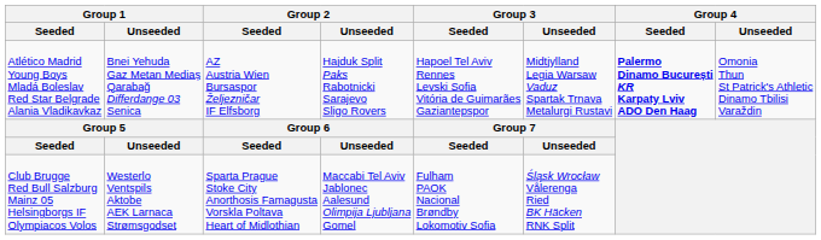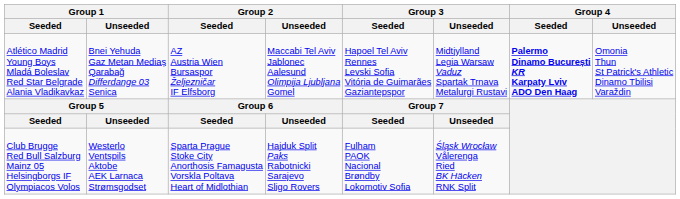 <table class="wikitable" style="font-size:85%;">
 <tr>
 <th colspan=2>Group 1</th>
 <th colspan=2>Group 2</th>
 <th colspan=2>Group 3</th>
 <th colspan=2>Group 4</th>
 </tr>
 <tr>
 <th>Seeded</th>
 <th>Unseeded</th>
 <th>Seeded</th>
 <th>Unseeded</th>
 <th>Seeded</th>
 <th>Unseeded</th>
 <th>Seeded</th>
 <th>Unseeded</th>
 </tr>
 <tr>
 <td valign=top><br> <a href='#'>Atlético Madrid</a><br>  <a href='#'>Young Boys</a><br>  <a href='#'>Mladá Boleslav</a><br>  <a href='#'>Red Star Belgrade</a><br>  <a href='#'>Alania Vladikavkaz</a></td>
 <td valign=top><br> <a href='#'>Bnei Yehuda</a><br>  <a href='#'>Gaz Metan Mediaș</a><br>  <a href='#'>Qarabağ</a><br>  <em><a href='#'>Differdange 03</a></em><br>  <a href='#'>Senica</a></td>
 <td valign=top><br> <a href='#'>AZ</a><br>  <a href='#'>Austria Wien</a><br>  <a href='#'>Bursaspor</a><br>  <em><a href='#'>Željezničar</a></em><br>  <a href='#'>IF Elfsborg</a></td>
-<td valign=top><br> <a href='#'>Hajduk Split</a><br>  <em><a href='#'>Paks</a></em><br>  <a href='#'>Rabotnicki</a><br>  <a href='#'>Sarajevo</a><br>  <a href='#'>Sligo Rovers</a></td>
+<td valign=top><br> <a href='#'>Maccabi Tel Aviv</a><br>  <a href='#'>Jablonec</a><br>  <a href='#'>Aalesund</a><br>  <em><a href='#'>Olimpija Ljubljana</a></em><br>  <a href='#'>Gomel</a></td>
 <td valign=top><br> <a href='#'>Hapoel Tel Aviv</a><br>  <a href='#'>Rennes</a><br>  <a href='#'>Levski Sofia</a><br>  <a href='#'>Vitória de Guimarães</a><br>  <a href='#'>Gaziantepspor</a><br></td>
 <td valign=top><br> <a href='#'>Midtjylland</a><br>  <a href='#'>Legia Warsaw</a><br>  <em><a href='#'>Vaduz</a></em><br>  <a href='#'>Spartak Trnava</a><br>  <a href='#'>Metalurgi Rustavi</a></td>
 <td valign=top><strong><br> <a href='#'>Palermo</a><br>  <a href='#'>Dinamo București</a><br>  <em><a href='#'>KR</a></em><br>  <a href='#'>Karpaty Lviv</a><br>  <a href='#'>ADO Den Haag</a></strong></td>
 <td valign=top><br> <a href='#'>Omonia</a><br>  <a href='#'>Thun</a><br>  <a href='#'>St Patrick's Athletic</a><br>  <a href='#'>Dinamo Tbilisi</a><br>  <a href='#'>Varaždin</a><br></td>
 </tr>
 <tr>
 <th colspan=2>Group 5</th>
 <th colspan=2>Group 6</th>
 <th colspan=2>Group 7</th>
 <th rowspan=3 colspan=2> </th>
 </tr>
 <tr>
 <th>Seeded</th>
 <th>Unseeded</th>
 <th>Seeded</th>
 <th>Unseeded</th>
 <th>Seeded</th>
 <th>Unseeded</th>
 </tr>
 <tr>
 <td valign=top><br> <a href='#'>Club Brugge</a><br>  <a href='#'>Red Bull Salzburg</a><br>  <a href='#'>Mainz 05</a><br>  <a href='#'>Helsingborgs IF</a><br>  <a href='#'>Olympiacos Volos</a></td>
 <td valign=top><br> <a href='#'>Westerlo</a><br>  <a href='#'>Ventspils</a><br>  <a href='#'>Aktobe</a><br>  <a href='#'>AEK Larnaca</a><br>  <a href='#'>Strømsgodset</a></td>
 <td valign=top><br> <a href='#'>Sparta Prague</a><br>  <a href='#'>Stoke City</a><br>  <a href='#'>Anorthosis Famagusta</a><br>  <a href='#'>Vorskla Poltava</a><br>  <a href='#'>Heart of Midlothian</a></td>
-<td valign=top><br> <a href='#'>Maccabi Tel Aviv</a><br>  <a href='#'>Jablonec</a><br>  <a href='#'>Aalesund</a><br>  <em><a href='#'>Olimpija Ljubljana</a></em><br>  <a href='#'>Gomel</a></td>
+<td valign=top><br> <a href='#'>Hajduk Split</a><br>  <em><a href='#'>Paks</a></em><br>  <a href='#'>Rabotnicki</a><br>  <a href='#'>Sarajevo</a><br>  <a href='#'>Sligo Rovers</a></td>
 <td valign=top><br> <a href='#'>Fulham</a><br>  <a href='#'>PAOK</a><br>  <a href='#'>Nacional</a><br>  <a href='#'>Brøndby</a><br>  <a href='#'>Lokomotiv Sofia</a><br></td>
 <td valign=top><br> <em><a href='#'>Śląsk Wrocław</a></em><br>  <a href='#'>Vålerenga</a><br>  <a href='#'>Ried</a><br>  <em><a href='#'>BK Häcken</a></em><br>  <a href='#'>RNK Split</a></td>
 </tr>
 </table>
